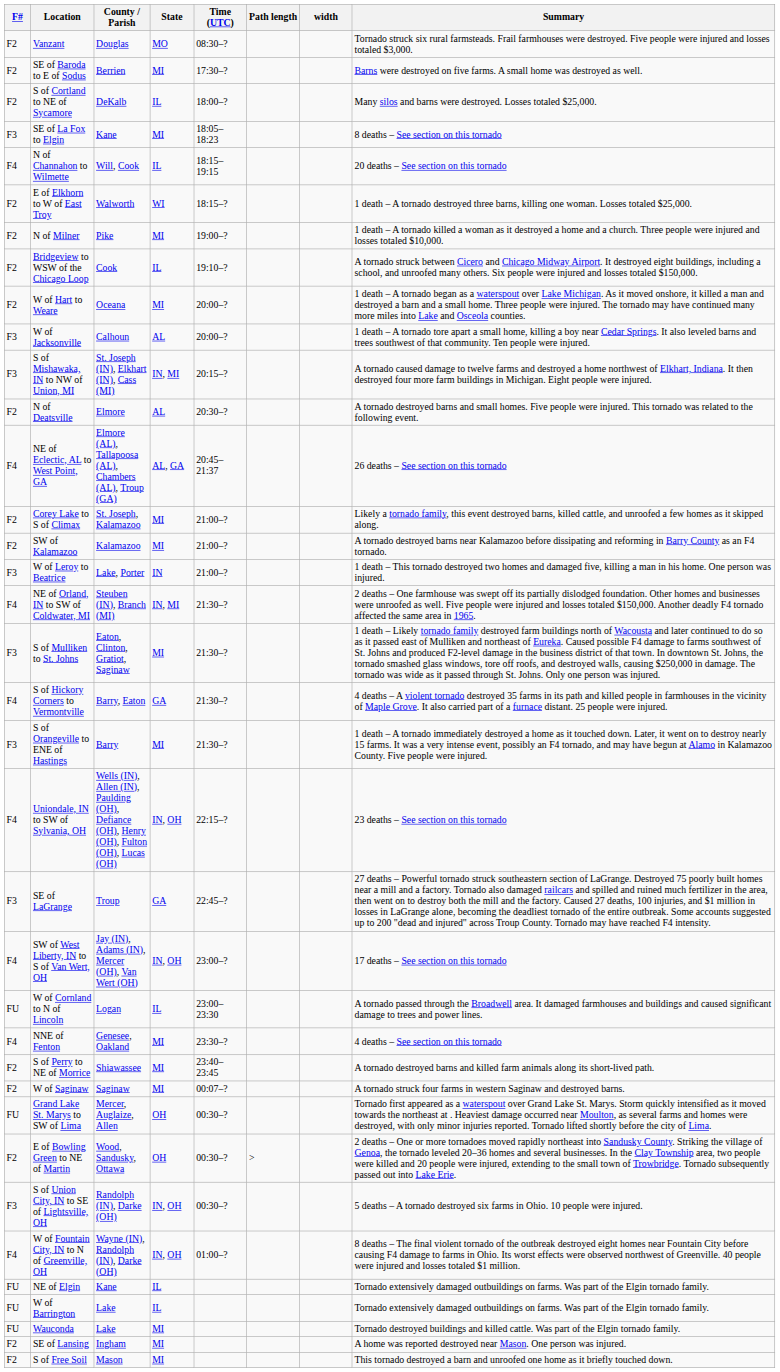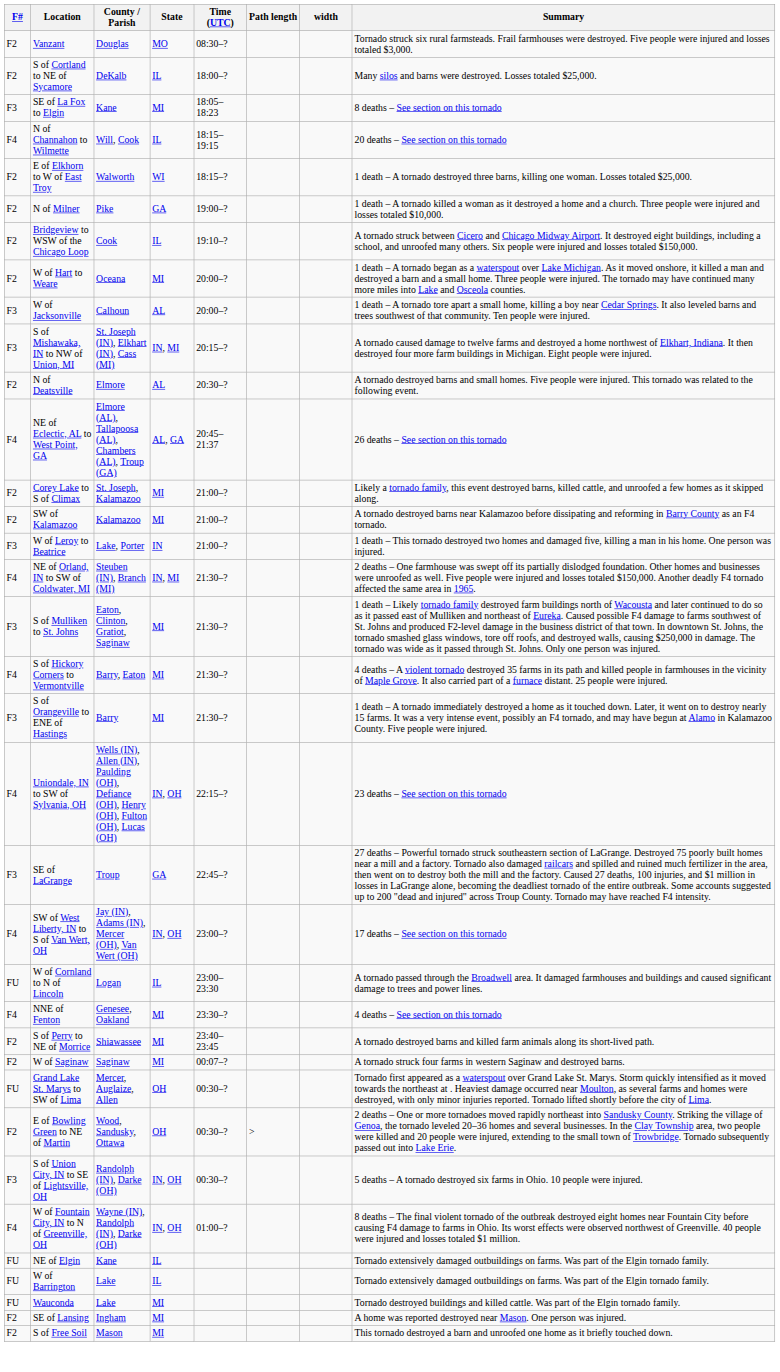 <table class="wikitable sortable" style="width:100%;">
 <tr>
 <th scope="col"  style="width:3%; text-align:center;"><a href='#'>F#</a></th>
 <th scope="col"  style="width:7%; text-align:center;" class="unsortable">Location</th>
 <th scope="col"  style="width:6%; text-align:center;" class="unsortable">County / Parish</th>
 <th scope="col"  style="width:5%; text-align:center;">State</th>
 <th scope="col"  style="width:6%; text-align:center;">Time (<a href='#'>UTC</a>)</th>
 <th scope="col"  style="width:6%; text-align:center;">Path length</th>
 <th scope="col"  style="width:6%; text-align:center;"> width</th>
 <th scope="col" class="unsortable" style="width:48%; text-align:center;">Summary</th>
 </tr>
 <tr>
 <td>F2</td>
 <td><a href='#'>Vanzant</a></td>
 <td><a href='#'>Douglas</a></td>
 <td><a href='#'>MO</a></td>
 <td>08:30–?</td>
 <td></td>
 <td></td>
 <td>Tornado struck six rural farmsteads. Frail farmhouses were destroyed. Five people were injured and losses totaled $3,000.</td>
-</tr>
-<tr>
-<td>F2</td>
-<td>SE of <a href='#'>Baroda</a> to E of <a href='#'>Sodus</a></td>
-<td><a href='#'>Berrien</a></td>
-<td><a href='#'>MI</a></td>
-<td>17:30–?</td>
-<td></td>
-<td></td>
-<td><a href='#'>Barns</a> were destroyed on five farms. A small home was destroyed as well.</td>
 </tr>
 <tr>
 <td>F2</td>
 <td>S of <a href='#'>Cortland</a> to NE of <a href='#'>Sycamore</a></td>
 <td><a href='#'>DeKalb</a></td>
 <td><a href='#'>IL</a></td>
 <td>18:00–?</td>
 <td></td>
 <td></td>
 <td>Many <a href='#'>silos</a> and barns were destroyed. Losses totaled $25,000.</td>
 </tr>
 <tr>
 <td>F3</td>
 <td>SE of <a href='#'>La Fox</a> to <a href='#'>Elgin</a></td>
 <td><a href='#'>Kane</a></td>
 <td><a href='#'>MI</a></td>
 <td>18:05–18:23</td>
 <td></td>
 <td></td>
 <td>8 deaths – <a href='#'>See section on this tornado</a></td>
 </tr>
 <tr>
 <td>F4</td>
 <td>N of <a href='#'>Channahon</a> to <a href='#'>Wilmette</a></td>
 <td><a href='#'>Will</a>, <a href='#'>Cook</a></td>
 <td><a href='#'>IL</a></td>
 <td>18:15–19:15</td>
 <td></td>
 <td></td>
 <td>20 deaths – <a href='#'>See section on this tornado</a></td>
 </tr>
 <tr>
 <td>F2</td>
 <td>E of <a href='#'>Elkhorn</a> to W of <a href='#'>East Troy</a></td>
 <td><a href='#'>Walworth</a></td>
 <td><a href='#'>WI</a></td>
 <td>18:15–?</td>
 <td></td>
 <td></td>
 <td>1 death – A tornado destroyed three barns, killing one woman. Losses totaled $25,000.</td>
 </tr>
 <tr>
 <td>F2</td>
 <td>N of <a href='#'>Milner</a></td>
 <td><a href='#'>Pike</a></td>
-<td><a href='#'>MI</a></td>
+<td><a href='#'>GA</a></td>
 <td>19:00–?</td>
 <td></td>
 <td></td>
 <td>1 death – A tornado killed a woman as it destroyed a home and a church. Three people were injured and losses totaled $10,000.</td>
 </tr>
 <tr>
 <td>F2</td>
 <td><a href='#'>Bridgeview</a> to WSW of the <a href='#'>Chicago Loop</a></td>
 <td><a href='#'>Cook</a></td>
 <td><a href='#'>IL</a></td>
 <td>19:10–?</td>
 <td></td>
 <td></td>
 <td>A tornado struck between <a href='#'>Cicero</a> and <a href='#'>Chicago Midway Airport</a>. It destroyed eight buildings, including a school, and unroofed many others. Six people were injured and losses totaled $150,000.</td>
 </tr>
 <tr>
 <td>F2</td>
 <td>W of <a href='#'>Hart</a> to <a href='#'>Weare</a></td>
 <td><a href='#'>Oceana</a></td>
 <td><a href='#'>MI</a></td>
 <td>20:00–?</td>
 <td></td>
 <td></td>
 <td>1 death – A tornado began as a <a href='#'>waterspout</a> over <a href='#'>Lake Michigan</a>. As it moved onshore, it killed a man and destroyed a barn and a small home. Three people were injured. The tornado may have continued many more miles into <a href='#'>Lake</a> and <a href='#'>Osceola</a> counties.</td>
 </tr>
 <tr>
 <td>F3</td>
 <td>W of <a href='#'>Jacksonville</a></td>
 <td><a href='#'>Calhoun</a></td>
 <td><a href='#'>AL</a></td>
 <td>20:00–?</td>
 <td></td>
 <td></td>
 <td>1 death – A tornado tore apart a small home, killing a boy near <a href='#'>Cedar Springs</a>. It also leveled barns and trees southwest of that community. Ten people were injured.</td>
 </tr>
 <tr>
 <td>F3</td>
 <td>S of <a href='#'>Mishawaka, IN</a> to NW of <a href='#'>Union, MI</a></td>
 <td><a href='#'>St. Joseph (IN)</a>, <a href='#'>Elkhart (IN)</a>, <a href='#'>Cass (MI)</a></td>
 <td><a href='#'>IN</a>, <a href='#'>MI</a></td>
 <td>20:15–?</td>
 <td></td>
 <td></td>
 <td>A tornado caused damage to twelve farms and destroyed a home northwest of <a href='#'>Elkhart, Indiana</a>. It then destroyed four more farm buildings in Michigan. Eight people were injured.</td>
 </tr>
 <tr>
 <td>F2</td>
 <td>N of <a href='#'>Deatsville</a></td>
 <td><a href='#'>Elmore</a></td>
 <td><a href='#'>AL</a></td>
 <td>20:30–?</td>
 <td></td>
 <td></td>
 <td>A tornado destroyed barns and small homes. Five people were injured. This tornado was related to the following event.</td>
 </tr>
 <tr>
 <td>F4</td>
 <td>NE of <a href='#'>Eclectic, AL</a> to <a href='#'>West Point, GA</a></td>
 <td><a href='#'>Elmore (AL)</a>, <a href='#'>Tallapoosa (AL)</a>, <a href='#'>Chambers (AL)</a>, <a href='#'>Troup (GA)</a></td>
 <td><a href='#'>AL</a>, <a href='#'>GA</a></td>
 <td>20:45–21:37</td>
 <td></td>
 <td></td>
 <td>26 deaths – <a href='#'>See section on this tornado</a></td>
 </tr>
 <tr>
 <td>F2</td>
 <td><a href='#'>Corey Lake</a> to S of <a href='#'>Climax</a></td>
 <td><a href='#'>St. Joseph</a>, <a href='#'>Kalamazoo</a></td>
 <td><a href='#'>MI</a></td>
 <td>21:00–?</td>
 <td></td>
 <td></td>
 <td>Likely a <a href='#'>tornado family</a>, this event destroyed barns, killed cattle, and unroofed a few homes as it skipped along.</td>
 </tr>
 <tr>
 <td>F2</td>
 <td>SW of <a href='#'>Kalamazoo</a></td>
 <td><a href='#'>Kalamazoo</a></td>
 <td><a href='#'>MI</a></td>
 <td>21:00–?</td>
 <td></td>
 <td></td>
 <td>A tornado destroyed barns near Kalamazoo before dissipating and reforming in <a href='#'>Barry County</a> as an F4 tornado.</td>
 </tr>
 <tr>
 <td>F3</td>
 <td>W of <a href='#'>Leroy</a> to <a href='#'>Beatrice</a></td>
 <td><a href='#'>Lake</a>, <a href='#'>Porter</a></td>
 <td><a href='#'>IN</a></td>
 <td>21:00–?</td>
 <td></td>
 <td></td>
 <td>1 death – This tornado destroyed two homes and damaged five, killing a man in his home. One person was injured.</td>
 </tr>
 <tr>
 <td>F4</td>
 <td>NE of <a href='#'>Orland, IN</a> to SW of <a href='#'>Coldwater, MI</a></td>
 <td><a href='#'>Steuben (IN)</a>, <a href='#'>Branch (MI)</a></td>
 <td><a href='#'>IN</a>, <a href='#'>MI</a></td>
 <td>21:30–?</td>
 <td></td>
 <td></td>
 <td>2 deaths – One farmhouse was swept off its partially dislodged foundation. Other homes and businesses were unroofed as well. Five people were injured and losses totaled $150,000. Another deadly F4 tornado affected the same area in <a href='#'>1965</a>.</td>
 </tr>
 <tr>
 <td>F3</td>
 <td>S of <a href='#'>Mulliken</a> to <a href='#'>St. Johns</a></td>
 <td><a href='#'>Eaton</a>, <a href='#'>Clinton</a>, <a href='#'>Gratiot</a>, <a href='#'>Saginaw</a></td>
 <td><a href='#'>MI</a></td>
 <td>21:30–?</td>
 <td></td>
 <td></td>
 <td>1 death – Likely <a href='#'>tornado family</a> destroyed farm buildings north of <a href='#'>Wacousta</a> and later continued to do so as it passed east of Mulliken and northeast of <a href='#'>Eureka</a>. Caused possible F4 damage to farms southwest of St. Johns and produced F2-level damage in the business district of that town. In downtown St. Johns, the tornado smashed glass windows, tore off roofs, and destroyed walls, causing $250,000 in damage. The tornado was  wide as it passed through St. Johns. Only one person was injured.</td>
 </tr>
 <tr>
 <td>F4</td>
 <td>S of <a href='#'>Hickory Corners</a> to <a href='#'>Vermontville</a></td>
 <td><a href='#'>Barry</a>, <a href='#'>Eaton</a></td>
-<td><a href='#'>GA</a></td>
+<td><a href='#'>MI</a></td>
 <td>21:30–?</td>
 <td></td>
 <td></td>
 <td>4 deaths – A <a href='#'>violent tornado</a> destroyed 35 farms in its path and killed people in farmhouses in the vicinity of <a href='#'>Maple Grove</a>. It also carried part of a <a href='#'>furnace</a>  distant. 25 people were injured.</td>
 </tr>
 <tr>
 <td>F3</td>
 <td>S of <a href='#'>Orangeville</a> to ENE of <a href='#'>Hastings</a></td>
 <td><a href='#'>Barry</a></td>
 <td><a href='#'>MI</a></td>
 <td>21:30–?</td>
 <td></td>
 <td></td>
 <td>1 death – A tornado immediately destroyed a home as it touched down. Later, it went on to destroy nearly 15 farms. It was a very intense event, possibly an F4 tornado, and may have begun at <a href='#'>Alamo</a> in Kalamazoo County. Five people were injured.</td>
 </tr>
 <tr>
 <td>F4</td>
 <td><a href='#'>Uniondale, IN</a> to SW of <a href='#'>Sylvania, OH</a></td>
 <td><a href='#'>Wells (IN)</a>, <a href='#'>Allen (IN)</a>, <a href='#'>Paulding (OH)</a>, <a href='#'>Defiance (OH)</a>, <a href='#'>Henry (OH)</a>, <a href='#'>Fulton (OH)</a>, <a href='#'>Lucas (OH)</a></td>
 <td><a href='#'>IN</a>, <a href='#'>OH</a></td>
 <td>22:15–?</td>
 <td></td>
 <td></td>
 <td>23 deaths – <a href='#'>See section on this tornado</a></td>
 </tr>
 <tr>
 <td>F3</td>
 <td>SE of <a href='#'>LaGrange</a></td>
 <td><a href='#'>Troup</a></td>
 <td><a href='#'>GA</a></td>
 <td>22:45–?</td>
 <td></td>
 <td></td>
 <td>27 deaths – Powerful tornado struck southeastern section of LaGrange. Destroyed 75 poorly built homes near a mill and a factory. Tornado also damaged <a href='#'>railcars</a> and spilled and ruined much fertilizer in the area, then went on to destroy both the mill and the factory. Caused 27 deaths, 100 injuries, and $1 million in losses in LaGrange alone, becoming the deadliest tornado of the entire outbreak. Some accounts suggested up to 200 "dead and injured" across Troup County. Tornado may have reached F4 intensity.</td>
 </tr>
 <tr>
 <td>F4</td>
 <td>SW of <a href='#'>West Liberty, IN</a> to S of <a href='#'>Van Wert, OH</a></td>
 <td><a href='#'>Jay (IN)</a>, <a href='#'>Adams (IN)</a>, <a href='#'>Mercer (OH)</a>, <a href='#'>Van Wert (OH)</a></td>
 <td><a href='#'>IN</a>, <a href='#'>OH</a></td>
 <td>23:00–?</td>
 <td></td>
 <td></td>
 <td>17 deaths – <a href='#'>See section on this tornado</a></td>
 </tr>
 <tr>
 <td>FU</td>
 <td>W of <a href='#'>Cornland</a> to N of <a href='#'>Lincoln</a></td>
 <td><a href='#'>Logan</a></td>
 <td><a href='#'>IL</a></td>
 <td>23:00–23:30</td>
 <td></td>
 <td></td>
 <td>A tornado passed through the <a href='#'>Broadwell</a> area. It damaged farmhouses and buildings and caused significant damage to trees and power lines.</td>
 </tr>
 <tr>
 <td>F4</td>
 <td>NNE of <a href='#'>Fenton</a></td>
 <td><a href='#'>Genesee</a>, <a href='#'>Oakland</a></td>
 <td><a href='#'>MI</a></td>
 <td>23:30–?</td>
 <td></td>
 <td></td>
 <td>4 deaths – <a href='#'>See section on this tornado</a></td>
 </tr>
 <tr>
 <td>F2</td>
 <td>S of <a href='#'>Perry</a> to NE of <a href='#'>Morrice</a></td>
 <td><a href='#'>Shiawassee</a></td>
 <td><a href='#'>MI</a></td>
 <td>23:40–23:45</td>
 <td></td>
 <td></td>
 <td>A tornado destroyed barns and killed farm animals along its short-lived path.</td>
 </tr>
 <tr>
 <td>F2</td>
 <td>W of <a href='#'>Saginaw</a></td>
 <td><a href='#'>Saginaw</a></td>
 <td><a href='#'>MI</a></td>
 <td>00:07–?</td>
 <td></td>
 <td></td>
 <td>A tornado struck four farms in western Saginaw and destroyed barns.</td>
 </tr>
 <tr>
 <td>FU</td>
 <td><a href='#'>Grand Lake St. Marys</a> to SW of <a href='#'>Lima</a></td>
 <td><a href='#'>Mercer</a>, <a href='#'>Auglaize</a>, <a href='#'>Allen</a></td>
 <td><a href='#'>OH</a></td>
 <td>00:30–?</td>
 <td></td>
 <td></td>
 <td>Tornado first appeared as a <a href='#'>waterspout</a> over Grand Lake St. Marys. Storm quickly intensified as it moved towards the northeast at . Heaviest damage occurred near <a href='#'>Moulton</a>, as several farms and homes were destroyed, with only minor injuries reported. Tornado lifted shortly before the city of <a href='#'>Lima</a>.</td>
 </tr>
 <tr>
 <td>F2</td>
 <td>E of <a href='#'>Bowling Green</a> to NE of <a href='#'>Martin</a></td>
 <td><a href='#'>Wood</a>, <a href='#'>Sandusky</a>, <a href='#'>Ottawa</a></td>
 <td><a href='#'>OH</a></td>
 <td>00:30–?</td>
 <td>></td>
 <td></td>
 <td>2 deaths – One or more tornadoes moved rapidly northeast into <a href='#'>Sandusky County</a>. Striking the village of <a href='#'>Genoa</a>, the tornado leveled 20–36 homes and several businesses. In the <a href='#'>Clay Township</a> area, two people were killed and 20 people were injured, extending to the small town of <a href='#'>Trowbridge</a>. Tornado subsequently passed out into <a href='#'>Lake Erie</a>.</td>
 </tr>
 <tr>
 <td>F3</td>
 <td>S of <a href='#'>Union City, IN</a> to SE of <a href='#'>Lightsville, OH</a></td>
 <td><a href='#'>Randolph (IN)</a>, <a href='#'>Darke (OH)</a></td>
 <td><a href='#'>IN</a>, <a href='#'>OH</a></td>
 <td>00:30–?</td>
 <td></td>
 <td></td>
 <td>5 deaths – A tornado destroyed six farms in Ohio. 10 people were injured.</td>
 </tr>
 <tr>
 <td>F4</td>
 <td>W of <a href='#'>Fountain City, IN</a> to N of <a href='#'>Greenville, OH</a></td>
 <td><a href='#'>Wayne (IN)</a>, <a href='#'>Randolph (IN)</a>, <a href='#'>Darke (OH)</a></td>
 <td><a href='#'>IN</a>, <a href='#'>OH</a></td>
 <td>01:00–?</td>
 <td></td>
 <td></td>
 <td>8 deaths – The final violent tornado of the outbreak destroyed eight homes near Fountain City before causing F4 damage to farms in Ohio. Its worst effects were observed  northwest of Greenville. 40 people were injured and losses totaled $1 million.</td>
 </tr>
 <tr>
 <td>FU</td>
 <td>NE of <a href='#'>Elgin</a></td>
 <td><a href='#'>Kane</a></td>
 <td><a href='#'>IL</a></td>
 <td></td>
 <td></td>
 <td></td>
 <td>Tornado extensively damaged outbuildings on farms. Was part of the Elgin tornado family.</td>
 </tr>
 <tr>
 <td>FU</td>
 <td>W of <a href='#'>Barrington</a></td>
 <td><a href='#'>Lake</a></td>
 <td><a href='#'>IL</a></td>
 <td></td>
 <td></td>
 <td></td>
 <td>Tornado extensively damaged outbuildings on farms. Was part of the Elgin tornado family.</td>
 </tr>
 <tr>
 <td>FU</td>
 <td><a href='#'>Wauconda</a></td>
 <td><a href='#'>Lake</a></td>
 <td><a href='#'>MI</a></td>
 <td></td>
 <td></td>
 <td></td>
 <td>Tornado destroyed buildings and killed cattle. Was part of the Elgin tornado family.</td>
 </tr>
 <tr>
 <td>F2</td>
 <td>SE of <a href='#'>Lansing</a></td>
 <td><a href='#'>Ingham</a></td>
 <td><a href='#'>MI</a></td>
 <td></td>
 <td></td>
 <td></td>
 <td>A home was reported destroyed near <a href='#'>Mason</a>. One person was injured.</td>
 </tr>
 <tr>
 <td>F2</td>
 <td>S of <a href='#'>Free Soil</a></td>
 <td><a href='#'>Mason</a></td>
 <td><a href='#'>MI</a></td>
 <td></td>
 <td></td>
 <td></td>
 <td>This tornado destroyed a barn and unroofed one home as it briefly touched down.</td>
 </tr>
 </table>
